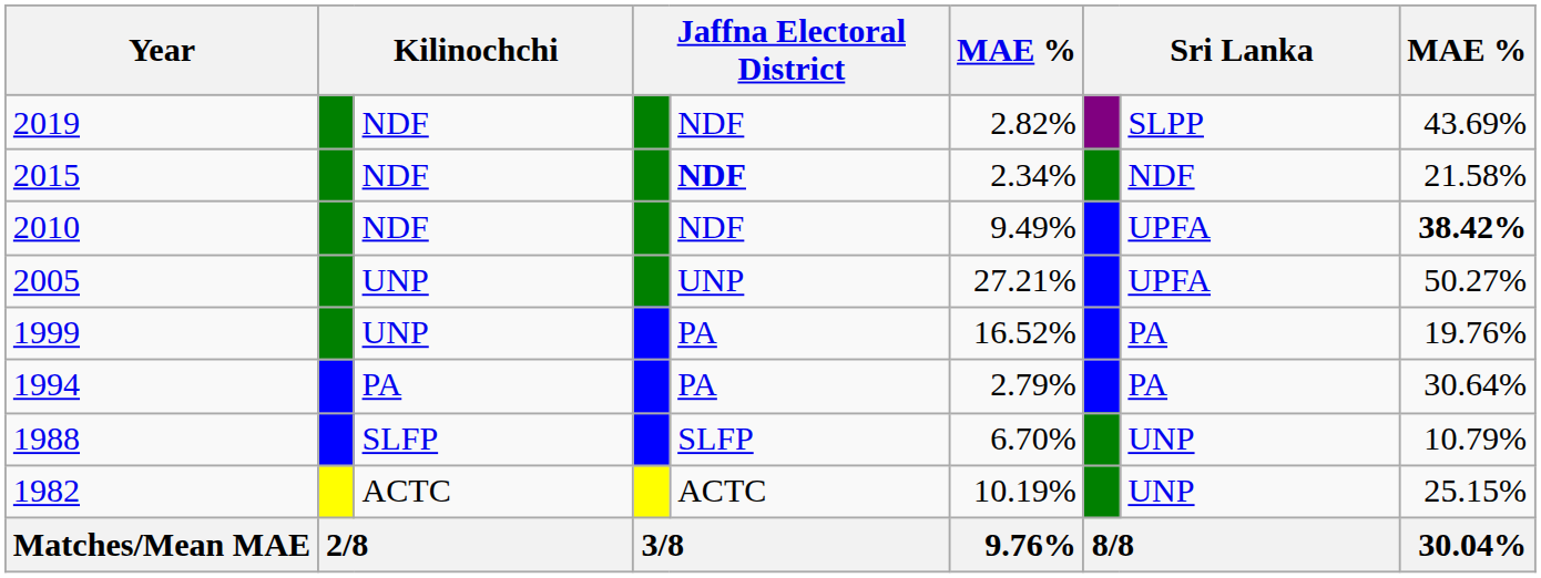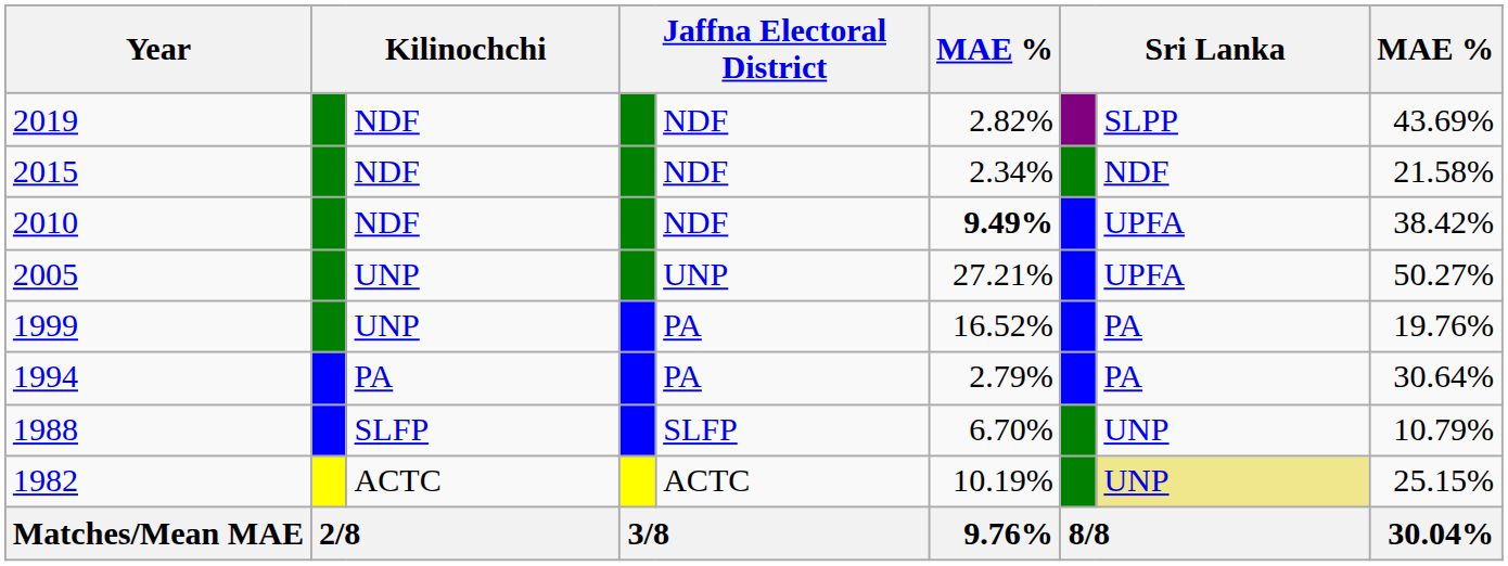 <table class="wikitable">
 <tr>
 <th>Year</th>
 <th colspan="2" width="144px">Kilinochchi</th>
 <th colspan="2" width="144px"><a href='#'>Jaffna Electoral District</a></th>
 <th><a href='#'>MAE</a> %</th>
 <th colspan="2" width="144px">Sri Lanka</th>
 <th>MAE %</th>
 </tr>
 <tr>
 <td><a href='#'>2019</a></td>
 <td style="background-color:green;" width="10px"></td>
 <td style="text-align:left;"><a href='#'>NDF</a></td>
 <td style="background-color:green;" width="10px"></td>
 <td style="text-align:left;"><a href='#'>NDF</a></td>
 <td style="text-align:right;">2.82%</td>
 <td style="background-color:purple;" width="10px"></td>
 <td style="text-align:left;"><a href='#'>SLPP</a></td>
 <td style="text-align:right;">43.69%</td>
 </tr>
 <tr>
 <td><a href='#'>2015</a></td>
 <td style="background-color:green;" width="10px"></td>
 <td style="text-align:left;"><a href='#'>NDF</a></td>
 <td style="background-color:green;" width="10px"></td>
-<td style="text-align:left;"><strong><a href='#'>NDF</a></strong></td>
+<td style="text-align:left;"><a href='#'>NDF</a></td>
 <td style="text-align:right;">2.34%</td>
 <td style="background-color:green;" width="10px"></td>
 <td style="text-align:left;"><a href='#'>NDF</a></td>
 <td style="text-align:right;">21.58%</td>
 </tr>
 <tr>
 <td><a href='#'>2010</a></td>
 <td style="background-color:green;" width="10px"></td>
 <td style="text-align:left;"><a href='#'>NDF</a></td>
 <td style="background-color:green;" width="10px"></td>
 <td style="text-align:left;"><a href='#'>NDF</a></td>
-<td style="text-align:right;">9.49%</td>
+<td style="text-align:right;"><strong>9.49%</strong></td>
 <td style="background-color:blue;" width="10px"></td>
 <td style="text-align:left;"><a href='#'>UPFA</a></td>
-<td style="text-align:right;"><strong>38.42%</strong></td>
+<td style="text-align:right;">38.42%</td>
 </tr>
 <tr>
 <td><a href='#'>2005</a></td>
 <td style="background-color:green;" width="10px"></td>
 <td style="text-align:left;"><a href='#'>UNP</a></td>
 <td style="background-color:green;" width="10px"></td>
 <td style="text-align:left;"><a href='#'>UNP</a></td>
 <td style="text-align:right;">27.21%</td>
 <td style="background-color:blue;" width="10px"></td>
 <td style="text-align:left;"><a href='#'>UPFA</a></td>
 <td style="text-align:right;">50.27%</td>
 </tr>
 <tr>
 <td><a href='#'>1999</a></td>
 <td style="background-color:green;" width="10px"></td>
 <td style="text-align:left;"><a href='#'>UNP</a></td>
 <td style="background-color:blue;" width="10px"></td>
 <td style="text-align:left;"><a href='#'>PA</a></td>
 <td style="text-align:right;">16.52%</td>
 <td style="background-color:blue;" width="10px"></td>
 <td style="text-align:left;"><a href='#'>PA</a></td>
 <td style="text-align:right;">19.76%</td>
 </tr>
 <tr>
 <td><a href='#'>1994</a></td>
 <td style="background-color:blue;" width="10px"></td>
 <td style="text-align:left;"><a href='#'>PA</a></td>
 <td style="background-color:blue;" width="10px"></td>
 <td style="text-align:left;"><a href='#'>PA</a></td>
 <td style="text-align:right;">2.79%</td>
 <td style="background-color:blue;" width="10px"></td>
 <td style="text-align:left;"><a href='#'>PA</a></td>
 <td style="text-align:right;">30.64%</td>
 </tr>
 <tr>
 <td><a href='#'>1988</a></td>
 <td style="background-color:blue;" width="10px"></td>
 <td style="text-align:left;"><a href='#'>SLFP</a></td>
 <td style="background-color:blue;" width="10px"></td>
 <td style="text-align:left;"><a href='#'>SLFP</a></td>
 <td style="text-align:right;">6.70%</td>
 <td style="background-color:green;" width="10px"></td>
 <td style="text-align:left;"><a href='#'>UNP</a></td>
 <td style="text-align:right;">10.79%</td>
 </tr>
 <tr>
 <td><a href='#'>1982</a></td>
 <td style="background-color:yellow;" width="10px"></td>
 <td style="text-align:left;">ACTC</td>
 <td style="background-color:yellow;" width="10px"></td>
 <td style="text-align:left;">ACTC</td>
 <td style="text-align:right;">10.19%</td>
 <td style="background-color:green;" width="10px"></td>
-<td style="text-align:left;"><a href='#'>UNP</a></td>
+<td style="background: khaki; text-align:left;"><a href='#'>UNP</a></td>
 <td style="text-align:right;">25.15%</td>
 </tr>
 <tr>
 <th>Matches/Mean MAE</th>
 <th style="text-align:left;"colspan="2" width="144px">2/8</th>
 <th style="text-align:left;"colspan="2" width="144px">3/8</th>
 <th style="text-align:right;">9.76%</th>
 <th style="text-align:left;"colspan="2" width="144px">8/8</th>
 <th style="text-align:right;">30.04%</th>
 </tr>
 </table>
